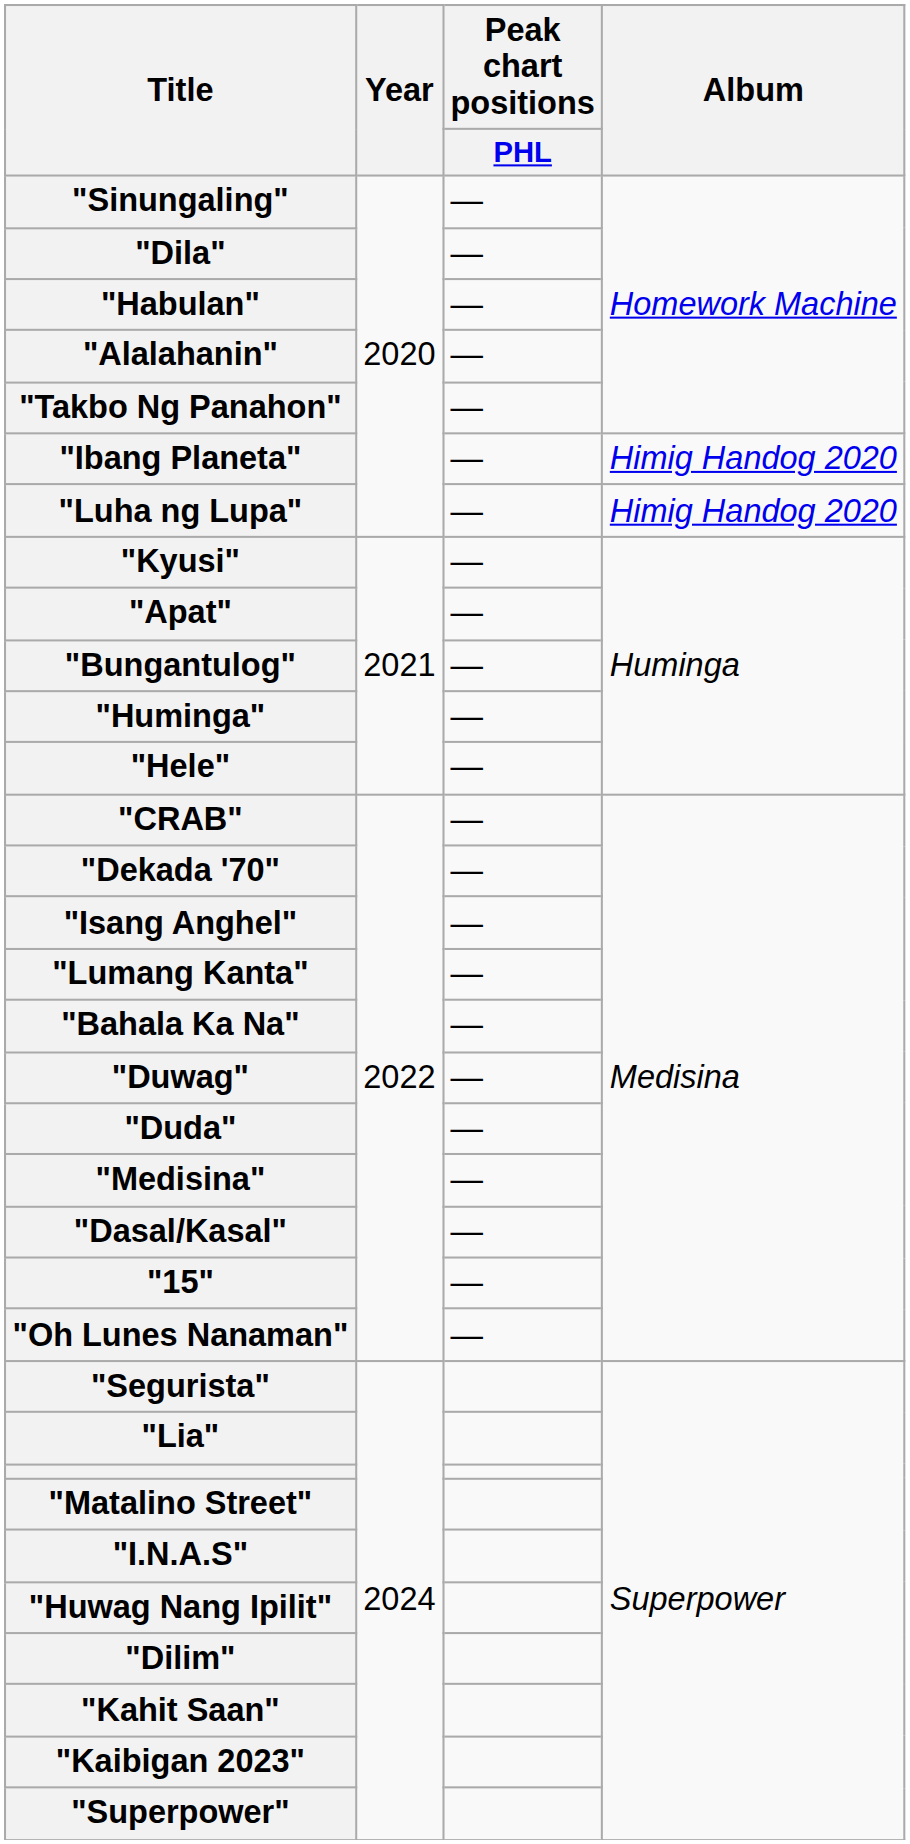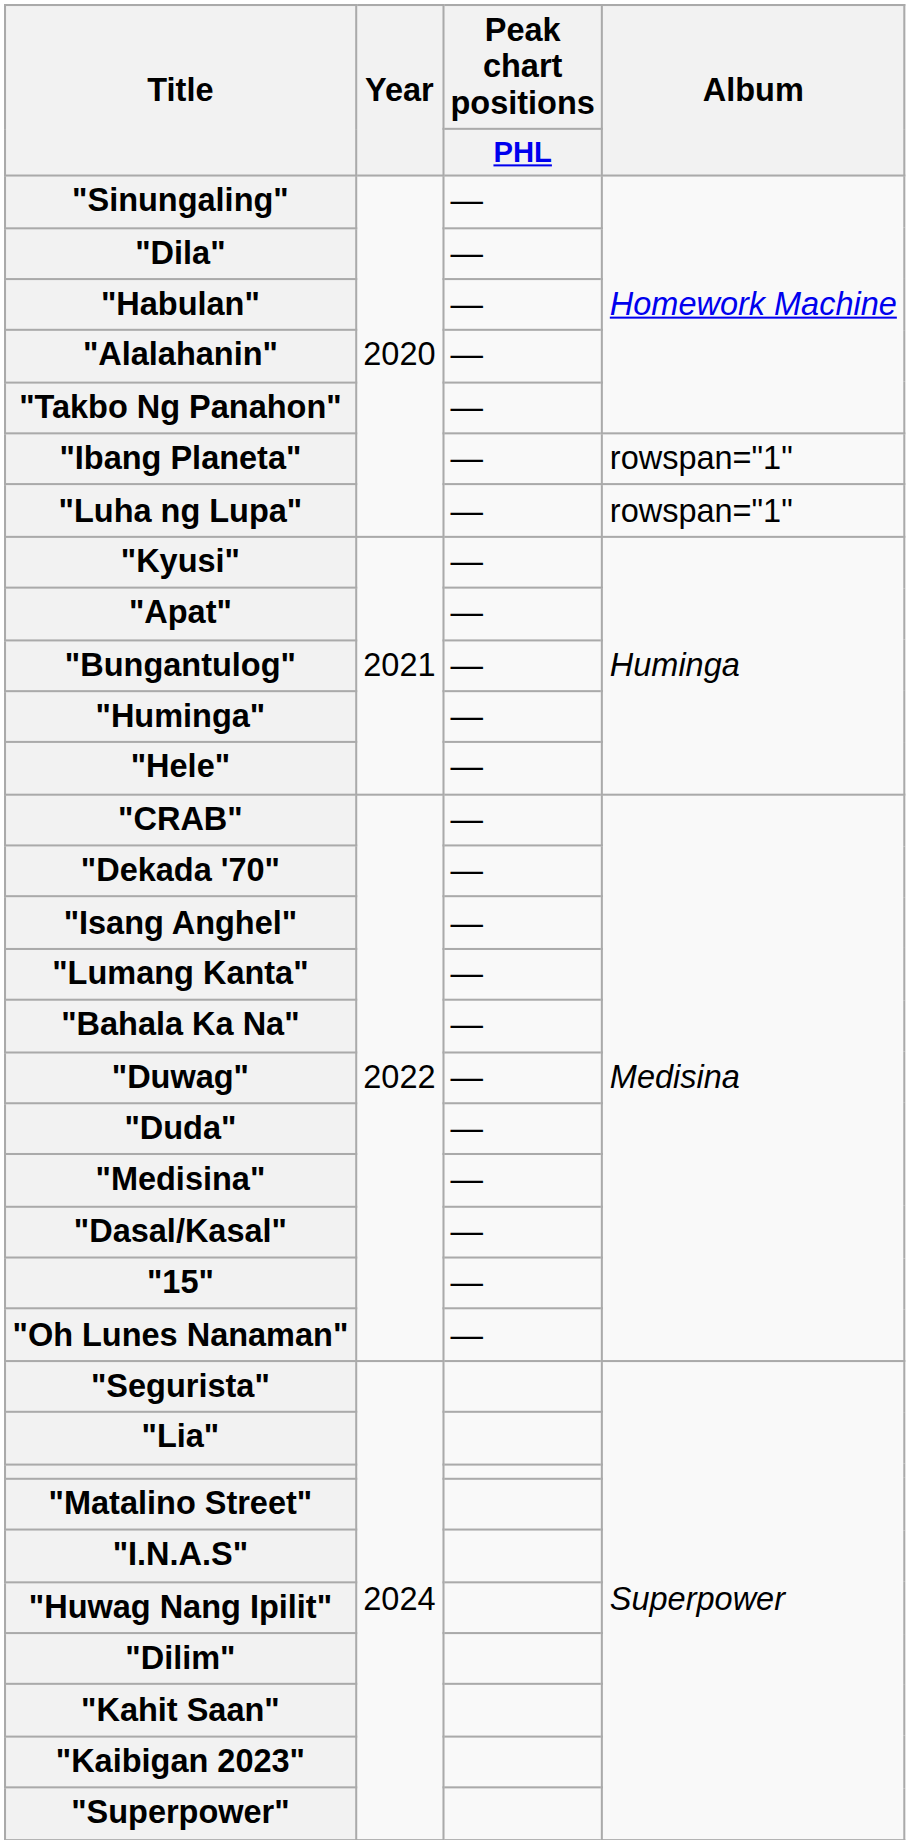 <table class="wikitable">
 <tr>
 <th scope="col" rowspan="2">Title</th>
 <th scope="col" rowspan="2">Year</th>
 <th scope="col" colspan="1">Peak chart positions</th>
 <th scope="col" rowspan="2">Album</th>
 </tr>
 <tr>
 <th scope="col" style="font-size:90%; width:3.5em"><a href='#'>PHL</a></th>
 </tr>
 <tr>
 <th scope="row">"Sinungaling"</th>
 <td rowspan="7">2020</td>
 <td>—</td>
 <td rowspan="5"><em><a href='#'>Homework Machine</a></em></td>
 </tr>
 <tr>
 <th scope="row">"Dila"</th>
 <td>—</td>
 </tr>
 <tr>
 <th scope="row">"Habulan"</th>
 <td>—</td>
 </tr>
 <tr>
 <th scope="row">"Alalahanin"</th>
 <td>—</td>
 </tr>
 <tr>
 <th scope="row">"Takbo Ng Panahon"</th>
 <td>—</td>
 </tr>
 <tr>
 <th scope="row">"Ibang Planeta"</th>
 <td>—</td>
-<td><em><a href='#'>Himig Handog 2020</a></em></td>
+<td>rowspan="1" </td>
 </tr>
 <tr>
 <th scope="row">"Luha ng Lupa"</th>
 <td>—</td>
-<td><em><a href='#'>Himig Handog 2020</a></em></td>
+<td>rowspan="1" </td>
 </tr>
 <tr>
 <th scope="row">"Kyusi"</th>
 <td rowspan="5">2021</td>
 <td>—</td>
 <td rowspan="5"><em>Huminga</em></td>
 </tr>
 <tr>
 <th scope="row">"Apat"</th>
 <td>—</td>
 </tr>
 <tr>
 <th scope="row">"Bungantulog"</th>
 <td>—</td>
 </tr>
 <tr>
 <th scope="row">"Huminga"</th>
 <td>—</td>
 </tr>
 <tr>
 <th scope="row">"Hele"</th>
 <td>—</td>
 </tr>
 <tr>
 <th>"CRAB"</th>
 <td rowspan="11">2022</td>
 <td>—</td>
 <td rowspan="11"><em>Medisina</em></td>
 </tr>
 <tr>
 <th>"Dekada '70"</th>
 <td>—</td>
 </tr>
 <tr>
 <th scope="row">"Isang Anghel"</th>
 <td>—</td>
 </tr>
 <tr>
 <th>"Lumang Kanta"</th>
 <td>—</td>
 </tr>
 <tr>
 <th>"Bahala Ka Na"</th>
 <td>—</td>
 </tr>
 <tr>
 <th scope="row">"Duwag"</th>
 <td>—</td>
 </tr>
 <tr>
 <th scope="row">"Duda"</th>
 <td>—</td>
 </tr>
 <tr>
 <th scope="row">"Medisina"</th>
 <td>—</td>
 </tr>
 <tr>
 <th scope="row">"Dasal/Kasal"</th>
 <td>—</td>
 </tr>
 <tr>
 <th>"15"</th>
 <td>—</td>
 </tr>
 <tr>
 <th scope="row">"Oh Lunes Nanaman"</th>
 <td>—</td>
 </tr>
 <tr>
 <th scope="row">"Segurista"</th>
 <td rowspan="10">2024</td>
 <td></td>
 <td rowspan="10"><em>Superpower</em></td>
 </tr>
 <tr>
 <th scope="row">"Lia"</th>
 <td></td>
 </tr>
 <tr>
 <th></th>
 <td></td>
 </tr>
 <tr>
 <th>"Matalino Street"</th>
 <td></td>
 </tr>
 <tr>
 <th>"I.N.A.S"</th>
 <td></td>
 </tr>
 <tr>
 <th>"Huwag Nang Ipilit"</th>
 <td></td>
 </tr>
 <tr>
 <th>"Dilim"</th>
 <td></td>
 </tr>
 <tr>
 <th>"Kahit Saan"</th>
 <td></td>
 </tr>
 <tr>
 <th>"Kaibigan 2023"</th>
 <td></td>
 </tr>
 <tr>
 <th>"Superpower"</th>
 <td></td>
 </tr>
 </table>
